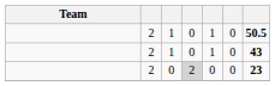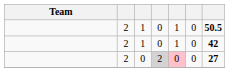 <table class="wikitable" style="text-align:center;">
 <tr>
 <th style="width:175px;">Team</th>
 <th width="20"></th>
 <th width="20"></th>
 <th width="20"></th>
 <th width="20"></th>
 <th width="20"></th>
 <th width="20"></th>
 </tr>
 <tr>
 <td style="text-align:left;"></td>
 <td>2</td>
 <td>1</td>
 <td>0</td>
 <td>1</td>
 <td>0</td>
 <td><strong>50.5</strong></td>
 </tr>
 <tr>
 <td style="text-align:left;"></td>
 <td>2</td>
 <td>1</td>
 <td>0</td>
 <td>1</td>
 <td>0</td>
-<td><strong>43</strong></td>
+<td><strong>42</strong></td>
 </tr>
 <tr>
 <td style="text-align:left;"></td>
 <td>2</td>
 <td>0</td>
 <td style="background: lightgrey;">2</td>
+<td style="background: pink;">0</td>
 <td>0</td>
-<td>0</td>
-<td><strong>23</strong></td>
+<td><strong>27</strong></td>
 </tr>
 <tr>
 </tr>
 </table>
